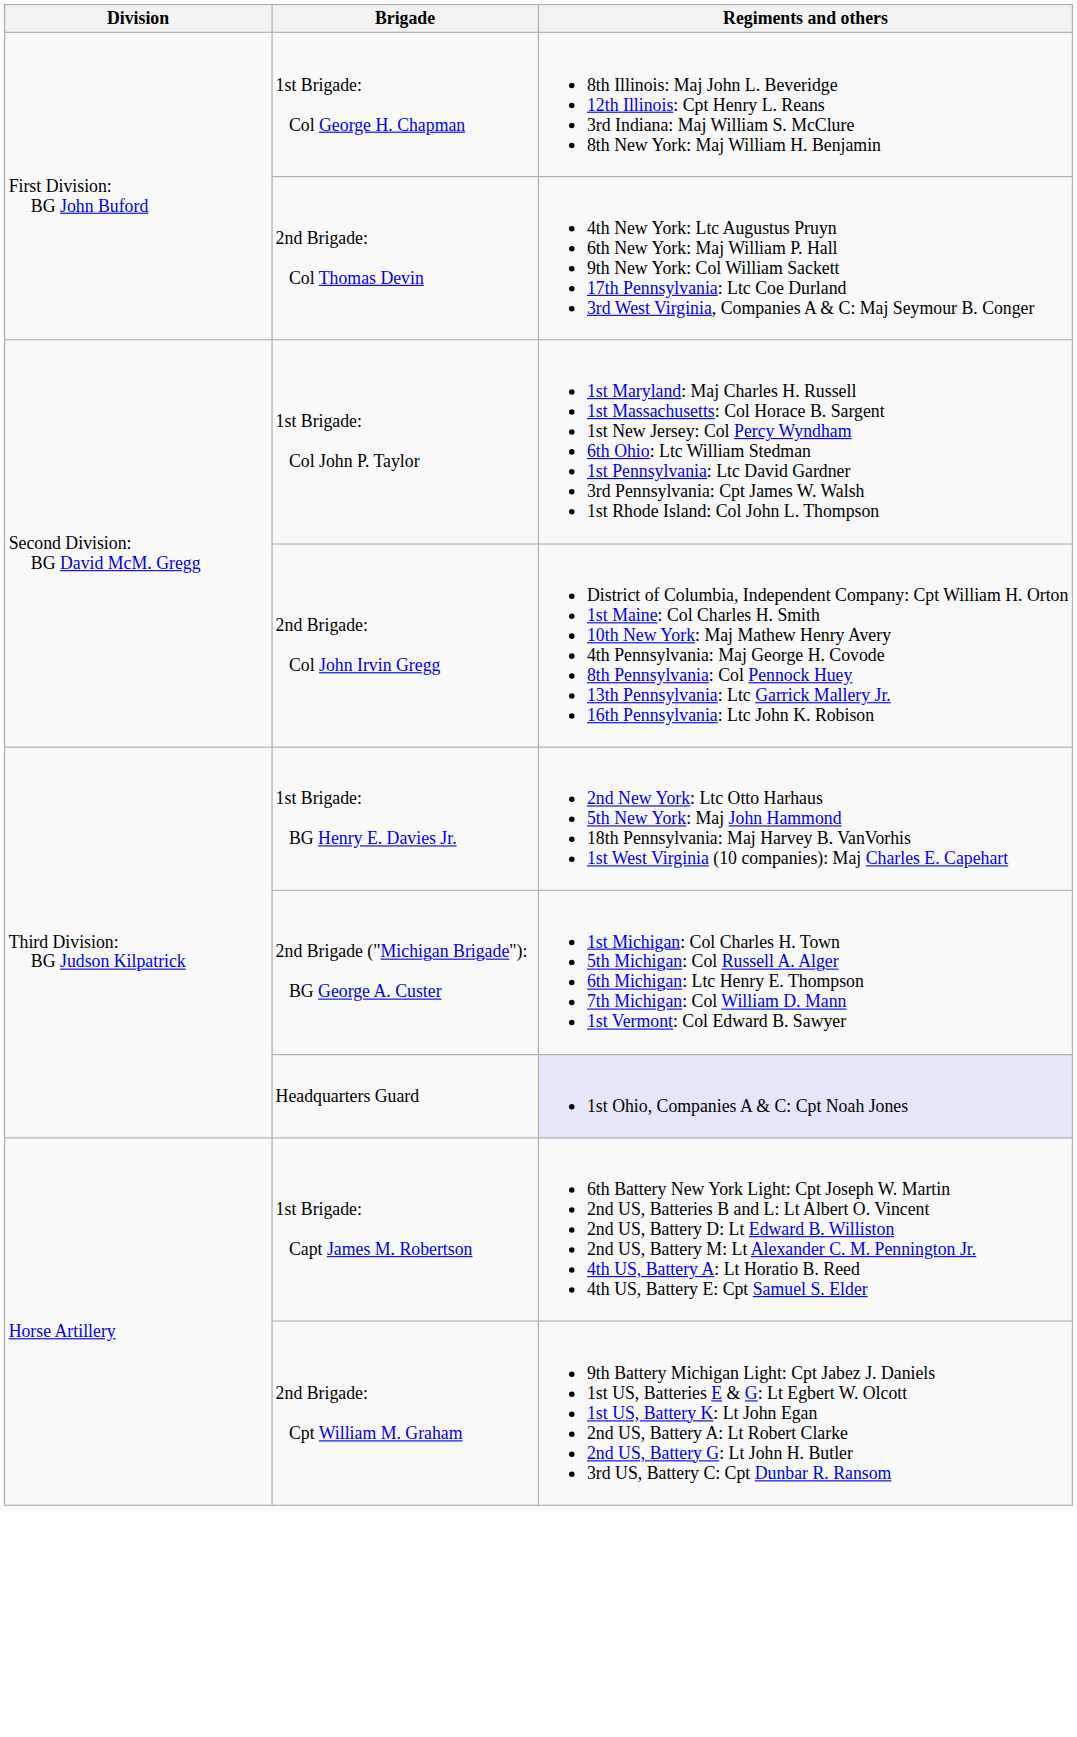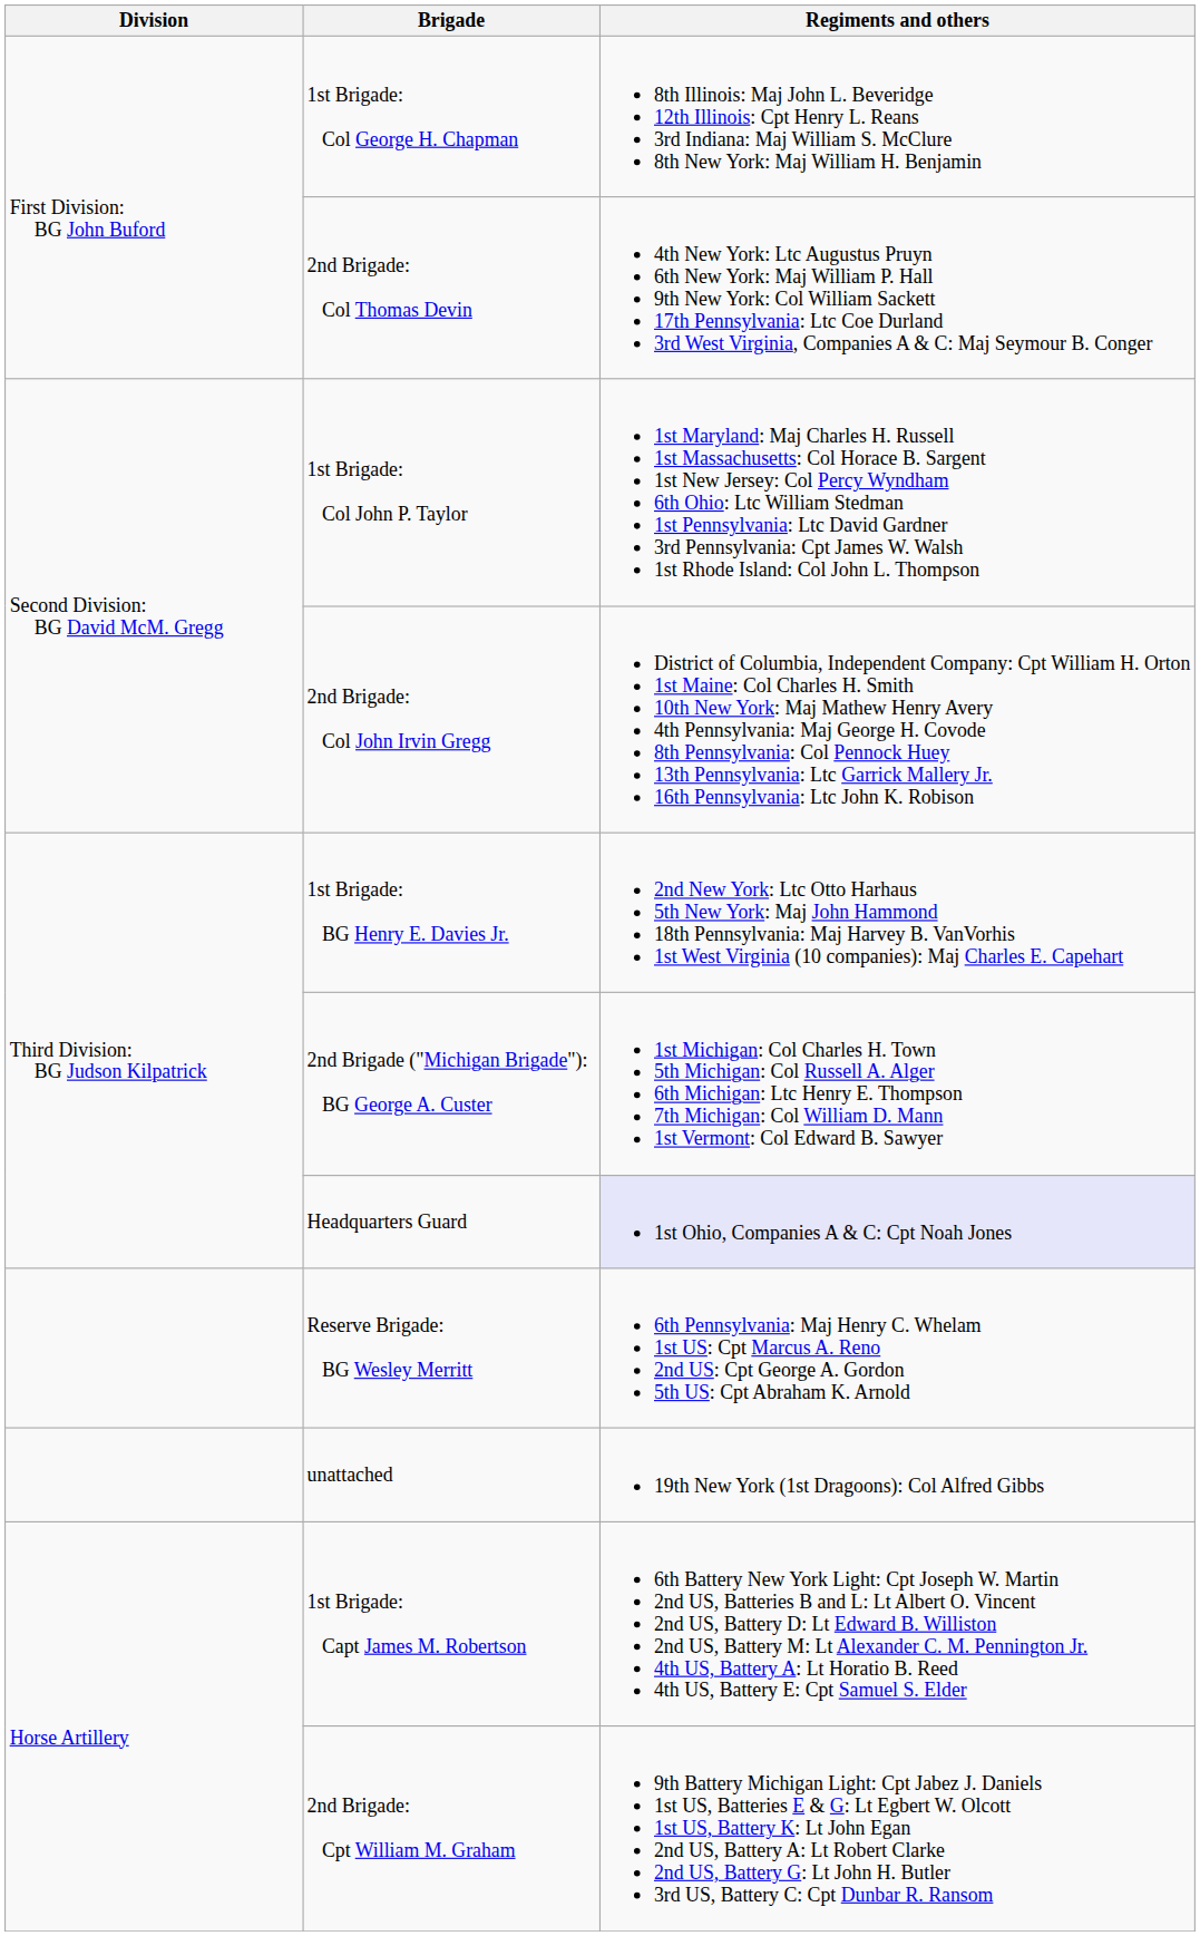 <table class="wikitable">
 <tr>
 <th width=25%>Division</th>
 <th width=25%>Brigade</th>
 <th>Regiments and others</th>
 </tr>
 <tr>
 <td rowspan=2><br>First Division: <br>     BG <a href='#'>John Buford</a></td>
 <td>1st Brigade:<br><br>   Col <a href='#'>George H. Chapman</a></td>
 <td><br><ul><li>8th Illinois: Maj John L. Beveridge</li><li><a href='#'>12th Illinois</a>: Cpt Henry L. Reans</li><li>3rd Indiana: Maj William S. McClure</li><li>8th New York: Maj William H. Benjamin</li></ul></td>
 </tr>
 <tr>
 <td>2nd Brigade:<br><br>   Col <a href='#'>Thomas Devin</a></td>
 <td><br><ul><li>4th New York: Ltc Augustus Pruyn</li><li>6th New York: Maj William P. Hall</li><li>9th New York: Col William Sackett</li><li><a href='#'>17th Pennsylvania</a>: Ltc Coe Durland</li><li><a href='#'>3rd West Virginia</a>, Companies A & C: Maj Seymour B. Conger</li></ul></td>
 </tr>
 <tr>
 <td rowspan=2><br>Second Division: <br>     BG <a href='#'>David McM. Gregg</a></td>
 <td>1st Brigade:<br><br>   Col John P. Taylor</td>
 <td><br><ul><li><a href='#'>1st Maryland</a>: Maj Charles H. Russell</li><li><a href='#'>1st Massachusetts</a>: Col Horace B. Sargent</li><li>1st New Jersey: Col <a href='#'>Percy Wyndham</a></li><li><a href='#'>6th Ohio</a>: Ltc William Stedman</li><li><a href='#'>1st Pennsylvania</a>: Ltc David Gardner</li><li>3rd Pennsylvania: Cpt James W. Walsh</li><li>1st Rhode Island: Col John L. Thompson</li></ul></td>
 </tr>
 <tr>
 <td>2nd Brigade:<br><br>   Col <a href='#'>John Irvin Gregg</a></td>
 <td><br><ul><li>District of Columbia, Independent Company: Cpt William H. Orton</li><li><a href='#'>1st Maine</a>: Col Charles H. Smith</li><li><a href='#'>10th New York</a>: Maj Mathew Henry Avery</li><li>4th Pennsylvania: Maj George H. Covode</li><li><a href='#'>8th Pennsylvania</a>: Col <a href='#'>Pennock Huey</a></li><li><a href='#'>13th Pennsylvania</a>: Ltc <a href='#'>Garrick Mallery Jr.</a></li><li><a href='#'>16th Pennsylvania</a>: Ltc John K. Robison</li></ul></td>
 </tr>
 <tr>
 <td rowspan=3><br>Third Division: <br>     BG <a href='#'>Judson Kilpatrick</a></td>
 <td>1st Brigade:<br><br>   BG <a href='#'>Henry E. Davies Jr.</a></td>
 <td><br><ul><li><a href='#'>2nd New York</a>: Ltc Otto Harhaus</li><li><a href='#'>5th New York</a>: Maj <a href='#'>John Hammond</a></li><li>18th Pennsylvania: Maj Harvey B. VanVorhis</li><li><a href='#'>1st West Virginia</a> (10 companies): Maj <a href='#'>Charles E. Capehart</a></li></ul></td>
 </tr>
 <tr>
 <td>2nd Brigade ("<a href='#'>Michigan Brigade</a>"):<br><br>   BG <a href='#'>George A. Custer</a></td>
 <td><br><ul><li><a href='#'>1st Michigan</a>: Col Charles H. Town</li><li><a href='#'>5th Michigan</a>: Col <a href='#'>Russell A. Alger</a></li><li><a href='#'>6th Michigan</a>: Ltc Henry E. Thompson</li><li><a href='#'>7th Michigan</a>: Col <a href='#'>William D. Mann</a></li><li><a href='#'>1st Vermont</a>: Col Edward B. Sawyer</li></ul></td>
 </tr>
 <tr>
 <td>Headquarters Guard</td>
 <td style="background: lavender;"><br><ul><li>1st Ohio, Companies A & C: Cpt Noah Jones</li></ul></td>
 </tr>
 <tr>
+<td rowspan=1></td>
+<td>Reserve Brigade:<br><br>   BG <a href='#'>Wesley Merritt</a></td>
+<td><br><ul><li><a href='#'>6th Pennsylvania</a>: Maj Henry C. Whelam</li><li><a href='#'>1st US</a>: Cpt <a href='#'>Marcus A. Reno</a></li><li><a href='#'>2nd US</a>: Cpt George A. Gordon</li><li><a href='#'>5th US</a>: Cpt Abraham K. Arnold</li></ul></td>
+</tr>
+<tr>
+<td rowspan=1></td>
+<td>unattached</td>
+<td><br><ul><li>19th New York (1st Dragoons): Col Alfred Gibbs</li></ul></td>
+</tr>
+<tr>
 <td rowspan=2><br><a href='#'>Horse Artillery</a></td>
 <td>1st Brigade:<br><br>   Capt <a href='#'>James M. Robertson</a></td>
 <td><br><ul><li>6th Battery New York Light: Cpt Joseph W. Martin</li><li>2nd US, Batteries B and L: Lt Albert O. Vincent</li><li>2nd US, Battery D: Lt <a href='#'>Edward B. Williston</a></li><li>2nd US, Battery M: Lt <a href='#'>Alexander C. M. Pennington Jr.</a></li><li><a href='#'>4th US, Battery A</a>: Lt Horatio B. Reed</li><li>4th US, Battery E: Cpt <a href='#'>Samuel S. Elder</a></li></ul></td>
 </tr>
 <tr>
 <td>2nd Brigade:<br><br>   Cpt <a href='#'>William M. Graham</a></td>
 <td><br><ul><li>9th Battery Michigan Light: Cpt Jabez J. Daniels</li><li>1st US, Batteries <a href='#'>E</a> & <a href='#'>G</a>: Lt Egbert W. Olcott</li><li><a href='#'>1st US, Battery K</a>: Lt John Egan</li><li>2nd US, Battery A: Lt Robert Clarke</li><li><a href='#'>2nd US, Battery G</a>: Lt John H. Butler</li><li>3rd US, Battery C: Cpt <a href='#'>Dunbar R. Ransom</a></li></ul></td>
 </tr>
 </table>
